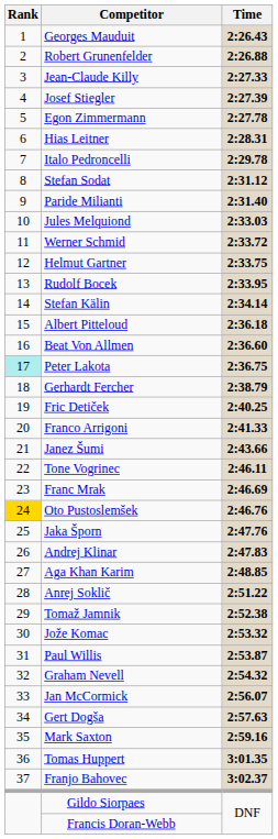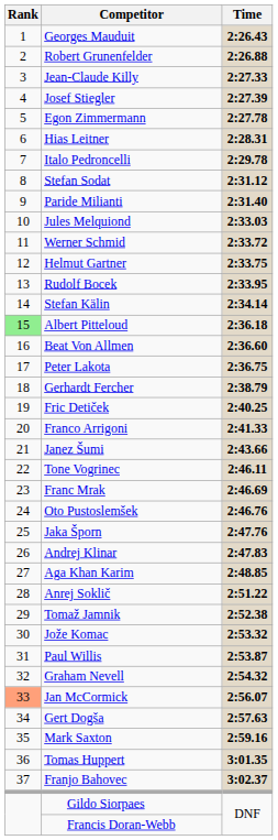 <table class="wikitable">
 <tr>
 <th width=35>Rank</th>
 <th width=215>Competitor</th>
 <th width=55>Time</th>
 </tr>
 <tr>
 <td align=center>1</td>
 <td> <a href='#'>Georges Mauduit</a></td>
 <td align=center bgcolor=#E3DAC9><strong>2:26.43</strong></td>
 </tr>
 <tr>
 <td align=center>2</td>
 <td> <a href='#'>Robert Grunenfelder</a></td>
 <td align=center bgcolor=#E3DAC9><strong>2:26.88</strong></td>
 </tr>
 <tr>
 <td align=center>3</td>
 <td> <a href='#'>Jean-Claude Killy</a></td>
 <td align=center bgcolor=#E3DAC9><strong>2:27.33</strong></td>
 </tr>
 <tr>
 <td align=center>4</td>
 <td> <a href='#'>Josef Stiegler</a></td>
 <td align=center bgcolor=#E3DAC9><strong>2:27.39</strong></td>
 </tr>
 <tr>
 <td align=center>5</td>
 <td> <a href='#'>Egon Zimmermann</a></td>
 <td align=center bgcolor=#E3DAC9><strong>2:27.78</strong></td>
 </tr>
 <tr>
 <td align=center>6</td>
 <td> <a href='#'>Hias Leitner</a></td>
 <td align=center bgcolor=#E3DAC9><strong>2:28.31</strong></td>
 </tr>
 <tr>
 <td align=center>7</td>
 <td> <a href='#'>Italo Pedroncelli</a></td>
 <td align=center bgcolor=#E3DAC9><strong>2:29.78</strong></td>
 </tr>
 <tr>
 <td align=center>8</td>
 <td> <a href='#'>Stefan Sodat</a></td>
 <td align=center bgcolor=#E3DAC9><strong>2:31.12</strong></td>
 </tr>
 <tr>
 <td align=center>9</td>
 <td> <a href='#'>Paride Milianti</a></td>
 <td align=center bgcolor=#E3DAC9><strong>2:31.40</strong></td>
 </tr>
 <tr>
 <td align=center>10</td>
 <td> <a href='#'>Jules Melquiond</a></td>
 <td align=center bgcolor=#E3DAC9><strong>2:33.03</strong></td>
 </tr>
 <tr>
 <td align=center>11</td>
 <td> <a href='#'>Werner Schmid</a></td>
 <td align=center bgcolor=#E3DAC9><strong>2:33.72</strong></td>
 </tr>
 <tr>
 <td align=center>12</td>
 <td> <a href='#'>Helmut Gartner</a></td>
 <td align=center bgcolor=#E3DAC9><strong>2:33.75</strong></td>
 </tr>
 <tr>
 <td align=center>13</td>
 <td> <a href='#'>Rudolf Bocek</a></td>
 <td align=center bgcolor=#E3DAC9><strong>2:33.95</strong></td>
 </tr>
 <tr>
 <td align=center>14</td>
 <td> <a href='#'>Stefan Kälin</a></td>
 <td align=center bgcolor=#E3DAC9><strong>2:34.14</strong></td>
 </tr>
 <tr>
-<td align=center>15</td>
+<td align=center style="background: lightgreen;">15</td>
 <td> <a href='#'>Albert Pitteloud</a></td>
 <td align=center bgcolor=#E3DAC9><strong>2:36.18</strong></td>
 </tr>
 <tr>
 <td align=center>16</td>
 <td> <a href='#'>Beat Von Allmen</a></td>
 <td align=center bgcolor=#E3DAC9><strong>2:36.60</strong></td>
 </tr>
 <tr>
-<td align=center style="background: paleturquoise;">17</td>
+<td align=center>17</td>
 <td> <a href='#'>Peter Lakota</a></td>
 <td align=center bgcolor=#E3DAC9><strong>2:36.75</strong></td>
 </tr>
 <tr>
 <td align=center>18</td>
 <td> <a href='#'>Gerhardt Fercher</a></td>
 <td align=center bgcolor=#E3DAC9><strong>2:38.79</strong></td>
 </tr>
 <tr>
 <td align=center>19</td>
 <td> <a href='#'>Fric Detiček</a></td>
 <td align=center bgcolor=#E3DAC9><strong>2:40.25</strong></td>
 </tr>
 <tr>
 <td align=center>20</td>
 <td> <a href='#'>Franco Arrigoni</a></td>
 <td align=center bgcolor=#E3DAC9><strong>2:41.33</strong></td>
 </tr>
 <tr>
 <td align=center>21</td>
 <td> <a href='#'>Janez Šumi</a></td>
 <td align=center bgcolor=#E3DAC9><strong>2:43.66</strong></td>
 </tr>
 <tr>
 <td align=center>22</td>
 <td> <a href='#'>Tone Vogrinec</a></td>
 <td align=center bgcolor=#E3DAC9><strong>2:46.11</strong></td>
 </tr>
 <tr>
 <td align=center>23</td>
 <td> <a href='#'>Franc Mrak</a></td>
 <td align=center bgcolor=#E3DAC9><strong>2:46.69</strong></td>
 </tr>
 <tr>
-<td align=center style="background: gold;">24</td>
+<td align=center>24</td>
 <td> <a href='#'>Oto Pustoslemšek</a></td>
 <td align=center bgcolor=#E3DAC9><strong>2:46.76</strong></td>
 </tr>
 <tr>
 <td align=center>25</td>
 <td> <a href='#'>Jaka Šporn</a></td>
 <td align=center bgcolor=#E3DAC9><strong>2:47.76</strong></td>
 </tr>
 <tr>
 <td align=center>26</td>
 <td> <a href='#'>Andrej Klinar</a></td>
 <td align=center bgcolor=#E3DAC9><strong>2:47.83</strong></td>
 </tr>
 <tr>
 <td align=center>27</td>
 <td> <a href='#'>Aga Khan Karim</a></td>
 <td align=center bgcolor=#E3DAC9><strong>2:48.85</strong></td>
 </tr>
 <tr>
 <td align=center>28</td>
 <td> <a href='#'>Anrej Soklič</a></td>
 <td align=center bgcolor=#E3DAC9><strong>2:51.22</strong></td>
 </tr>
 <tr>
 <td align=center>29</td>
 <td> <a href='#'>Tomaž Jamnik</a></td>
 <td align=center bgcolor=#E3DAC9><strong>2:52.38</strong></td>
 </tr>
 <tr>
 <td align=center>30</td>
 <td> <a href='#'>Jože Komac</a></td>
 <td align=center bgcolor=#E3DAC9><strong>2:53.32</strong></td>
 </tr>
 <tr>
 <td align=center>31</td>
 <td> <a href='#'>Paul Willis</a></td>
 <td align=center bgcolor=#E3DAC9><strong>2:53.87</strong></td>
 </tr>
 <tr>
 <td align=center>32</td>
 <td> <a href='#'>Graham Nevell</a></td>
 <td align=center bgcolor=#E3DAC9><strong>2:54.32</strong></td>
 </tr>
 <tr>
-<td align=center>33</td>
+<td align=center style="background: lightsalmon;">33</td>
 <td> <a href='#'>Jan McCormick</a></td>
 <td align=center bgcolor=#E3DAC9><strong>2:56.07</strong></td>
 </tr>
 <tr>
 <td align=center>34</td>
 <td> <a href='#'>Gert Dogša</a></td>
 <td align=center bgcolor=#E3DAC9><strong>2:57.63</strong></td>
 </tr>
 <tr>
 <td align=center>35</td>
 <td> <a href='#'>Mark Saxton</a></td>
 <td align=center bgcolor=#E3DAC9><strong>2:59.16</strong></td>
 </tr>
 <tr>
 <td align=center>36</td>
 <td> <a href='#'>Tomas Huppert</a></td>
 <td align=center bgcolor=#E3DAC9><strong>3:01.35</strong></td>
 </tr>
 <tr>
 <td align=center>37</td>
 <td> <a href='#'>Franjo Bahovec</a></td>
 <td align=center bgcolor=#E3DAC9><strong>3:02.37</strong></td>
 </tr>
 <tr>
 <td rowspan=2 style="border-top-width:5px"></td>
 <td style="border-top-width:5px">       <a href='#'>Gildo Siorpaes</a></td>
 <td rowspan=2 align=center style="border-top-width:5px">DNF</td>
 </tr>
 <tr>
 <td>       <a href='#'>Francis Doran-Webb</a></td>
 </tr>
 </table>
